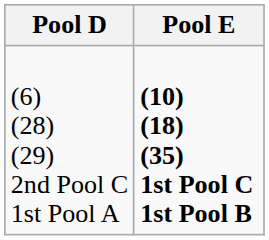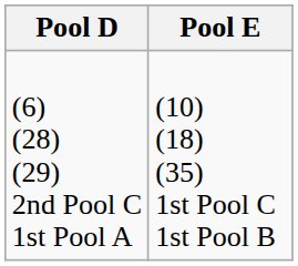 <table class="wikitable">
 <tr>
 <th width=50%>Pool D</th>
 <th width=50%>Pool E</th>
 </tr>
 <tr>
 <td><br> (6)<br>  (28)<br>  (29)<br> 2nd Pool C<br> 1st Pool A</td>
-<td><strong><br> (10)<br>  (18)<br>  (35)<br> 1st Pool C<br> 1st Pool B</strong></td>
+<td><br> (10)<br>  (18)<br>  (35)<br> 1st Pool C<br> 1st Pool B</td>
 </tr>
 </table>
